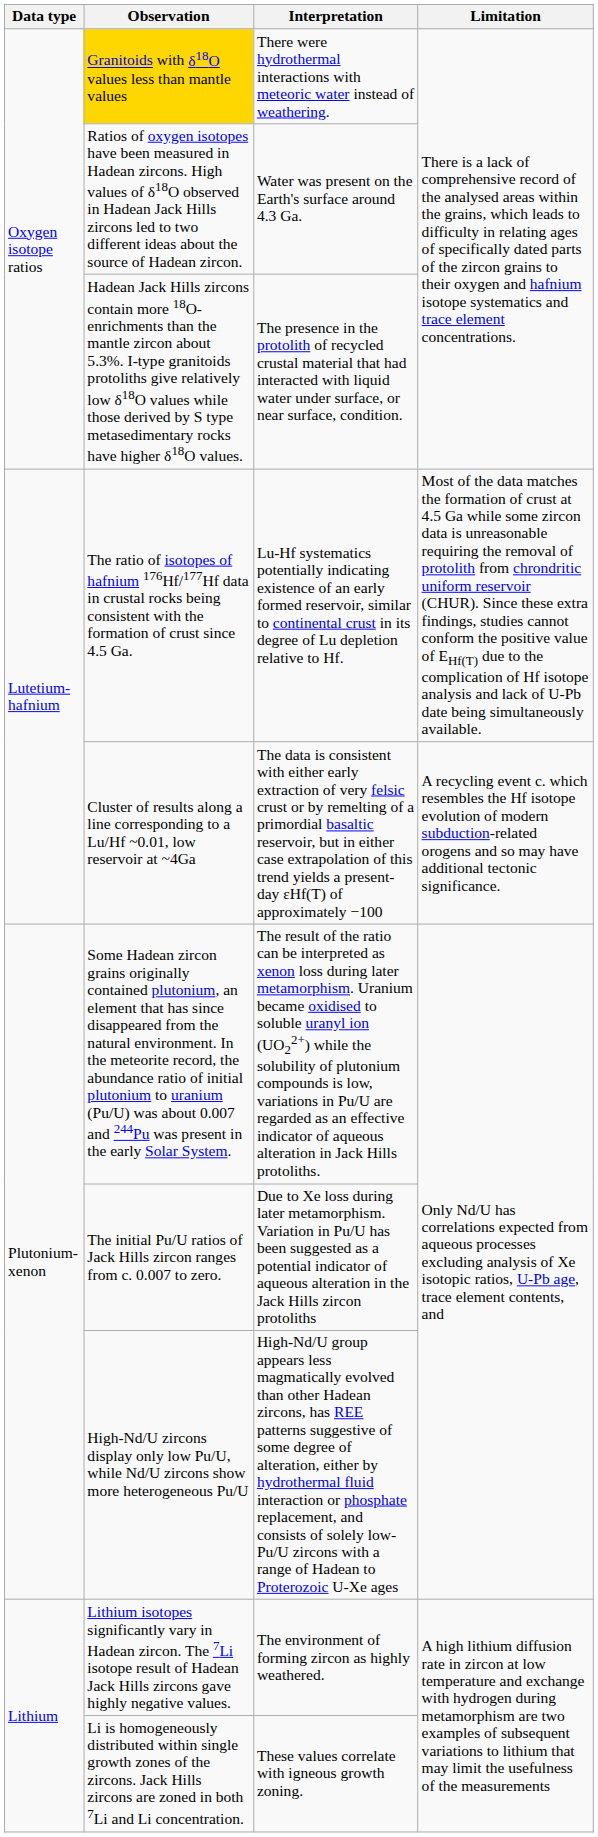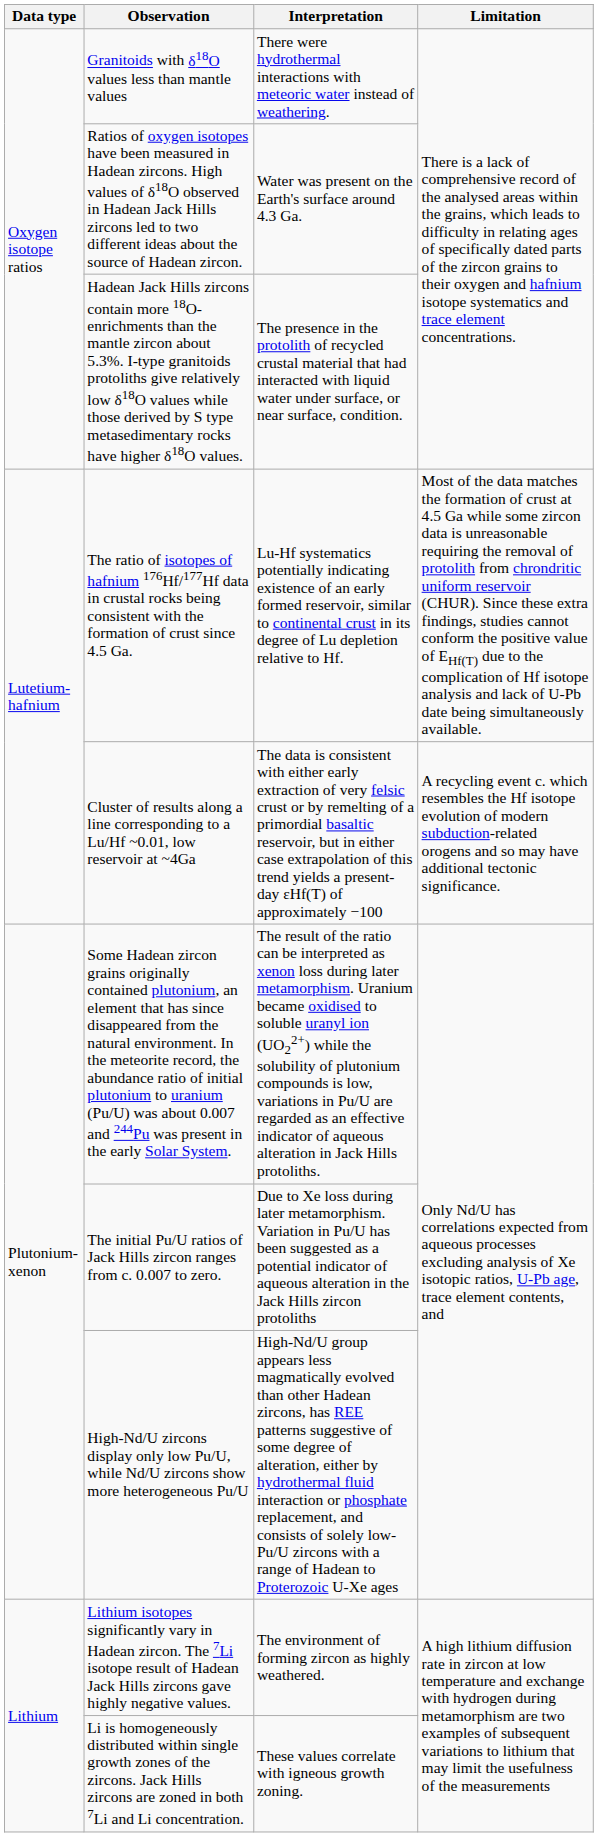 <table class="wikitable">
 <tr>
 <th>Data type</th>
 <th>Observation</th>
 <th>Interpretation</th>
 <th>Limitation</th>
 </tr>
 <tr>
 <td rowspan="3"><a href='#'>Oxygen isotope</a> ratios</td>
-<td style="background: gold;"><a href='#'>Granitoids</a> with <a href='#'>δ<sup>18</sup>O</a> values less than mantle values</td>
+<td><a href='#'>Granitoids</a> with <a href='#'>δ<sup>18</sup>O</a> values less than mantle values</td>
 <td>There were <a href='#'>hydrothermal</a> interactions with <a href='#'>meteoric water</a> instead of <a href='#'>weathering</a>.</td>
 <td rowspan="3">There is a lack of comprehensive record of the analysed areas within the grains, which leads to difficulty in relating ages of specifically dated parts of the zircon grains to their oxygen and <a href='#'>hafnium</a> isotope systematics and <a href='#'>trace element</a> concentrations.</td>
 </tr>
 <tr>
 <td>Ratios of <a href='#'>oxygen isotopes</a> have been measured in Hadean zircons. High values of δ<sup>18</sup>O observed in Hadean Jack Hills zircons led to two different ideas about the source of Hadean zircon.</td>
 <td>Water was present on the Earth's surface around 4.3 Ga.</td>
 </tr>
 <tr>
 <td>Hadean Jack Hills zircons contain more <sup>18</sup>O-enrichments than the mantle zircon about 5.3%. I-type granitoids protoliths give relatively low δ<sup>18</sup>O values while those derived by S type metasedimentary rocks have higher δ<sup>18</sup>O values.</td>
 <td>The presence in the <a href='#'>protolith</a> of recycled crustal material that had interacted with liquid water under surface, or near surface, condition.</td>
 </tr>
 <tr>
 <td rowspan="2"><a href='#'>Lutetium-hafnium</a></td>
 <td>The ratio of <a href='#'>isotopes of hafnium</a> <sup>176</sup>Hf/<sup>177</sup>Hf data in crustal rocks being consistent with the formation of crust since 4.5 Ga.</td>
 <td>Lu-Hf systematics potentially indicating existence of an early formed reservoir, similar to <a href='#'>continental crust</a> in its degree of Lu depletion relative to Hf.</td>
 <td>Most of the data matches the formation of crust at 4.5 Ga while some zircon data is unreasonable requiring the removal of <a href='#'>protolith</a> from <a href='#'>chrondritic uniform reservoir</a> (CHUR). Since these extra findings, studies cannot conform the positive value of E<sub>Hf(T)</sub> due to the complication of Hf isotope analysis and lack of U-Pb date being simultaneously available.</td>
 </tr>
 <tr>
 <td>Cluster of results along a line corresponding to a Lu/Hf ~0.01, low reservoir at ~4Ga</td>
 <td>The data is consistent with either early extraction of very <a href='#'>felsic</a> crust or by remelting of a primordial <a href='#'>basaltic</a> reservoir, but in either case extrapolation of this trend yields a present-day εHf(T) of approximately −100</td>
 <td>A recycling event c.  which resembles the Hf isotope evolution of modern <a href='#'>subduction</a>-related orogens and so may have additional tectonic significance.</td>
 </tr>
 <tr>
 <td rowspan="3">Plutonium-xenon</td>
 <td>Some Hadean zircon grains originally contained <a href='#'>plutonium</a>, an element that has since disappeared from the natural environment. In the meteorite record, the abundance ratio of initial <a href='#'>plutonium</a> to <a href='#'>uranium</a> (Pu/U) was about 0.007 and <a href='#'><sup>244</sup>Pu</a> was present in the early <a href='#'>Solar System</a>.</td>
 <td>The result of the  ratio can be interpreted as <a href='#'>xenon</a> loss during later <a href='#'>metamorphism</a>. Uranium became <a href='#'>oxidised</a> to soluble <a href='#'>uranyl ion</a> (UO<sub>2</sub><sup>2+</sup>) while the solubility of plutonium compounds is low, variations in Pu/U are regarded as an effective indicator of aqueous alteration in Jack Hills protoliths.</td>
 <td rowspan="3">Only Nd/U has correlations expected from aqueous processes excluding analysis of Xe isotopic ratios, <a href='#'>U-Pb age</a>, trace element contents, and </td>
 </tr>
 <tr>
 <td>The initial Pu/U ratios of Jack Hills zircon ranges from c. 0.007 to zero.</td>
 <td>Due to Xe loss during later metamorphism. Variation in Pu/U has been suggested as a potential indicator of aqueous alteration in the Jack Hills zircon protoliths</td>
 </tr>
 <tr>
 <td>High-Nd/U zircons display only low Pu/U, while Nd/U zircons show more heterogeneous Pu/U</td>
 <td>High-Nd/U group appears less magmatically evolved than other Hadean zircons, has <a href='#'>REE</a> patterns suggestive of some degree of alteration, either by <a href='#'>hydrothermal fluid</a> interaction or <a href='#'>phosphate</a> replacement, and consists of solely low-Pu/U zircons with a range of Hadean to <a href='#'>Proterozoic</a> U-Xe ages</td>
 </tr>
 <tr>
 <td rowspan="2"><a href='#'>Lithium</a></td>
 <td><a href='#'>Lithium isotopes</a> significantly vary in Hadean zircon. The <a href='#'><sup>7</sup>Li</a> isotope result of Hadean Jack Hills zircons gave highly negative values.</td>
 <td>The environment of forming zircon as highly weathered.</td>
 <td rowspan="2">A high lithium diffusion rate in zircon at low temperature and exchange with hydrogen during metamorphism are two examples of subsequent variations to lithium that may limit the usefulness of the measurements</td>
 </tr>
 <tr>
 <td>Li is homogeneously distributed within single growth zones of the zircons. Jack Hills zircons are zoned in both <sup>7</sup>Li and Li concentration.</td>
 <td>These values correlate with igneous growth zoning.</td>
 </tr>
 </table>
